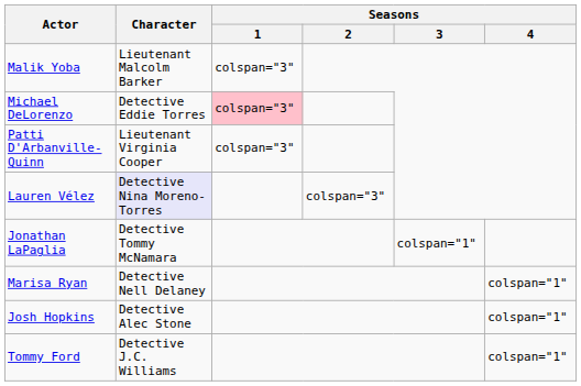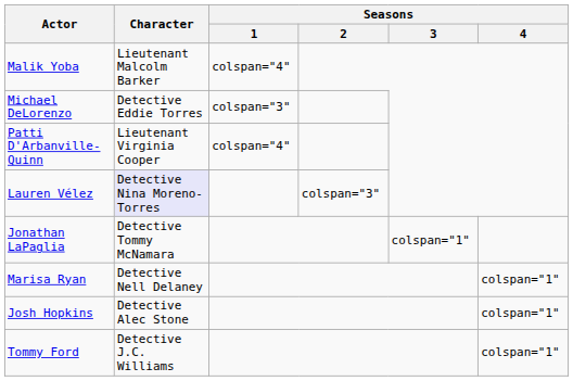 <table class="wikitable plainrowheaders" style="width:70%;">
 <tr>
 <th scope="col" rowspan="2" style="width:10%;">Actor</th>
 <th scope="col" rowspan="2" style="width:14%;">Character</th>
 <th scope="col" colspan="7">Seasons</th>
 </tr>
 <tr>
 <th scope="col" style="width:5%;">1</th>
 <th scope="col" style="width:5%;">2</th>
 <th scope="col" style="width:5%;">3</th>
 <th scope="col" style="width:5%;">4</th>
 </tr>
 <tr>
 <td><a href='#'>Malik Yoba</a></td>
 <td>Lieutenant Malcolm Barker</td>
-<td>colspan="3" </td>
+<td>colspan="4" </td>
 </tr>
 <tr>
 <td><a href='#'>Michael DeLorenzo</a></td>
 <td>Detective Eddie Torres</td>
-<td style="background: pink;">colspan="3" </td>
+<td>colspan="3" </td>
 <td colspan="1"></td>
 </tr>
 <tr>
 <td><a href='#'>Patti D'Arbanville-Quinn</a></td>
 <td>Lieutenant Virginia Cooper</td>
-<td>colspan="3" </td>
+<td>colspan="4" </td>
 <td colspan="1"></td>
 </tr>
 <tr>
 <td><a href='#'>Lauren Vélez</a></td>
 <td style="background: lavender;">Detective Nina Moreno-Torres</td>
 <td colspan="1"></td>
 <td>colspan="3" </td>
 </tr>
 <tr>
 <td><a href='#'>Jonathan LaPaglia</a></td>
 <td>Detective Tommy McNamara</td>
 <td colspan="2"></td>
 <td>colspan="1" </td>
 <td colspan="1"></td>
 </tr>
 <tr>
 <td><a href='#'>Marisa Ryan</a></td>
 <td>Detective Nell Delaney</td>
 <td colspan="3"></td>
 <td>colspan="1" </td>
 </tr>
 <tr>
 <td><a href='#'>Josh Hopkins</a></td>
 <td>Detective Alec Stone</td>
 <td colspan="3"></td>
 <td>colspan="1" </td>
 </tr>
 <tr>
 <td><a href='#'>Tommy Ford</a></td>
 <td>Detective J.C. Williams</td>
 <td colspan="3"></td>
 <td>colspan="1" </td>
 </tr>
 </table>
